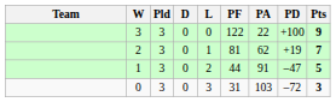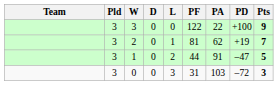 <table class="wikitable" style="text-align:center;">
 <tr>
 <th width="160">Team</th>
+<th width="25" abbr="Played">Pld</th>
 <th width="25" abbr="Won">W</th>
-<th width="25" abbr="Played">Pld</th>
 <th width="25" abbr="Drawn">D</th>
 <th width="25" abbr="Lost">L</th>
 <th width="32" abbr="Points for">PF</th>
 <th width="32" abbr="Points against">PA</th>
 <th width="32" abbr="Points difference">PD</th>
 <th width="25" abbr="Points">Pts</th>
 </tr>
 <tr bgcolor="ccffcc">
 <td align="left"></td>
 <td>3</td>
 <td>3</td>
 <td>0</td>
 <td>0</td>
 <td>122</td>
 <td>22</td>
 <td>+100</td>
 <td><strong>9</strong></td>
 </tr>
 <tr bgcolor="ccffcc">
 <td align="left"></td>
+<td>3</td>
 <td>2</td>
-<td>3</td>
 <td>0</td>
 <td>1</td>
 <td>81</td>
 <td>62</td>
 <td>+19</td>
 <td><strong>7</strong></td>
 </tr>
 <tr bgcolor="ccffcc">
 <td align="left"></td>
+<td>3</td>
 <td>1</td>
-<td>3</td>
 <td>0</td>
 <td>2</td>
 <td>44</td>
 <td>91</td>
 <td>–47</td>
 <td><strong>5</strong></td>
 </tr>
 <tr>
 <td align="left"></td>
+<td>3</td>
 <td>0</td>
-<td>3</td>
 <td>0</td>
 <td>3</td>
 <td>31</td>
 <td>103</td>
 <td>–72</td>
 <td><strong>3</strong></td>
 </tr>
 </table>
